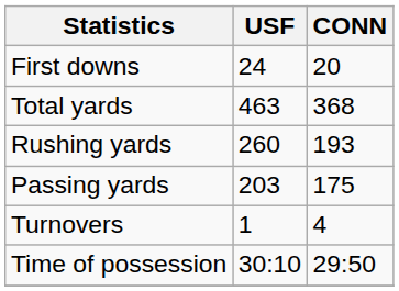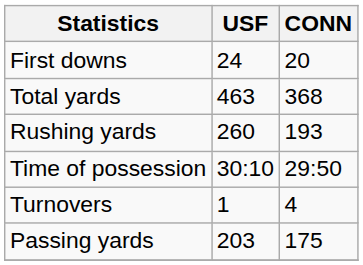 <table class="wikitable" style="float: left;">
 <tr>
 <th>Statistics</th>
 <th>USF</th>
 <th>CONN</th>
 </tr>
 <tr>
 <td>First downs</td>
 <td>24</td>
 <td>20</td>
 </tr>
 <tr>
 <td>Total yards</td>
 <td>463</td>
 <td>368</td>
 </tr>
 <tr>
 <td>Rushing yards</td>
 <td>260</td>
 <td>193</td>
 </tr>
 <tr>
-<td>Passing yards</td>
-<td>203</td>
-<td>175</td>
+<td>Time of possession</td>
+<td>30:10</td>
+<td>29:50</td>
 </tr>
 <tr>
 <td>Turnovers</td>
 <td>1</td>
 <td>4</td>
 </tr>
 <tr>
-<td>Time of possession</td>
-<td>30:10</td>
-<td>29:50</td>
+<td>Passing yards</td>
+<td>203</td>
+<td>175</td>
 </tr>
 <tr>
 </tr>
 </table>
